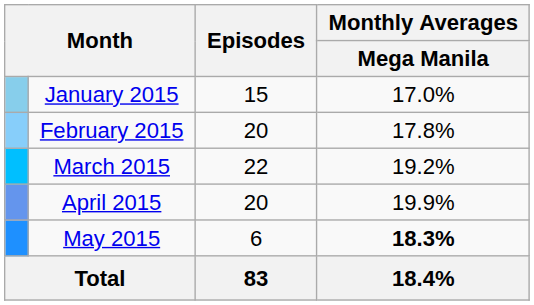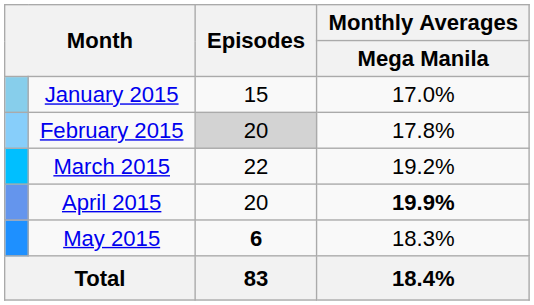 <table class="wikitable plainrowheaders" style="text-align: center; line-height:25px;">
 <tr class="wikitable" style="text-align: center;">
 <th colspan="2" rowspan="2" style="padding: 0 8px;">Month</th>
 <th rowspan="2" style="padding: 0 8px;">Episodes</th>
 <th colspan="2" style="padding: 0 8px;">Monthly Averages</th>
 </tr>
 <tr>
 <th style="padding: 0 8px;">Mega Manila</th>
 </tr>
 <tr>
 <td style="padding: 0 8px; background:#87CEEB;"></td>
 <td style="padding: 0 8px;" '><a href='#'>January 2015</a></td>
 <td style="padding: 0 8px;">15</td>
 <td style="padding: 0 8px;">17.0%</td>
 </tr>
 <tr>
 <td style="padding: 0 8px; background:#87CEFA;"></td>
 <td style="padding: 0 8px;" '><a href='#'>February 2015</a></td>
-<td style="padding: 0 8px;">20</td>
+<td style="background: lightgrey; padding: 0 8px;">20</td>
 <td style="padding: 0 8px;">17.8%</td>
 </tr>
 <tr>
 <td style="padding: 0 8px; background:#00BFFF;"></td>
 <td style="padding: 0 8px;" '><a href='#'>March 2015</a></td>
 <td style="padding: 0 8px;">22</td>
 <td style="padding: 0 8px;">19.2%</td>
 </tr>
 <tr>
 <td style="padding: 0 8px; background:#6495ED;"></td>
 <td style="padding: 0 8px;" '><a href='#'>April 2015</a></td>
 <td style="padding: 0 8px;">20</td>
-<td style="padding: 0 8px;">19.9%</td>
+<td style="padding: 0 8px;"><strong>19.9%</strong></td>
 </tr>
 <tr>
 <td style="padding: 0 8px; background:#1E90FF;"></td>
 <td style="padding: 0 8px;" '><a href='#'>May 2015</a></td>
-<td style="padding: 0 8px;">6</td>
-<td style="padding: 0 8px;"><strong>18.3%</strong></td>
+<td style="padding: 0 8px;"><strong>6</strong></td>
+<td style="padding: 0 8px;">18.3%</td>
 </tr>
 <tr>
 <th colspan="2">Total</th>
 <th colspan="1">83</th>
 <th colspan="2">18.4%</th>
 </tr>
 </table>
